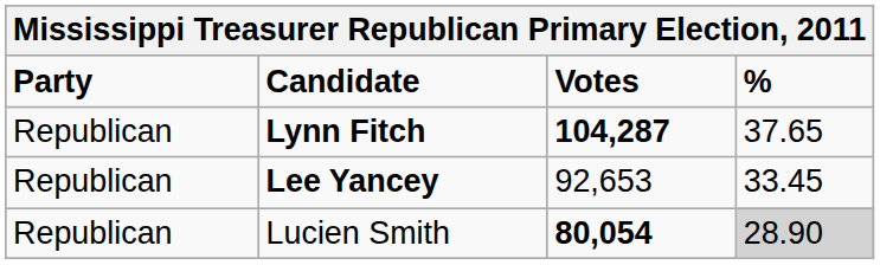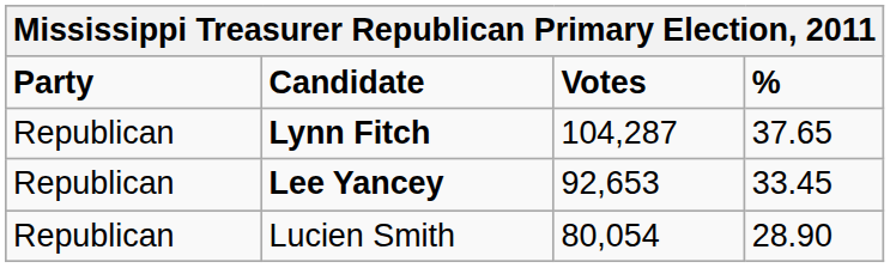 <table class="wikitable">
 <tr>
 <th colspan="4">Mississippi Treasurer Republican Primary Election, 2011</th>
 </tr>
 <tr>
 <td><strong>Party</strong></td>
 <td><strong>Candidate</strong></td>
 <td><strong>Votes</strong></td>
 <td><strong>%</strong></td>
 </tr>
 <tr>
 <td>Republican</td>
 <td><strong>Lynn Fitch</strong></td>
-<td><strong>104,287</strong></td>
+<td>104,287</td>
 <td>37.65</td>
 </tr>
 <tr>
 <td>Republican</td>
 <td><strong>Lee Yancey</strong></td>
 <td>92,653</td>
 <td>33.45</td>
 </tr>
 <tr>
 <td>Republican</td>
 <td>Lucien Smith</td>
-<td><strong>80,054</strong></td>
-<td style="background: lightgrey;">28.90</td>
+<td>80,054</td>
+<td>28.90</td>
 </tr>
 </table>
